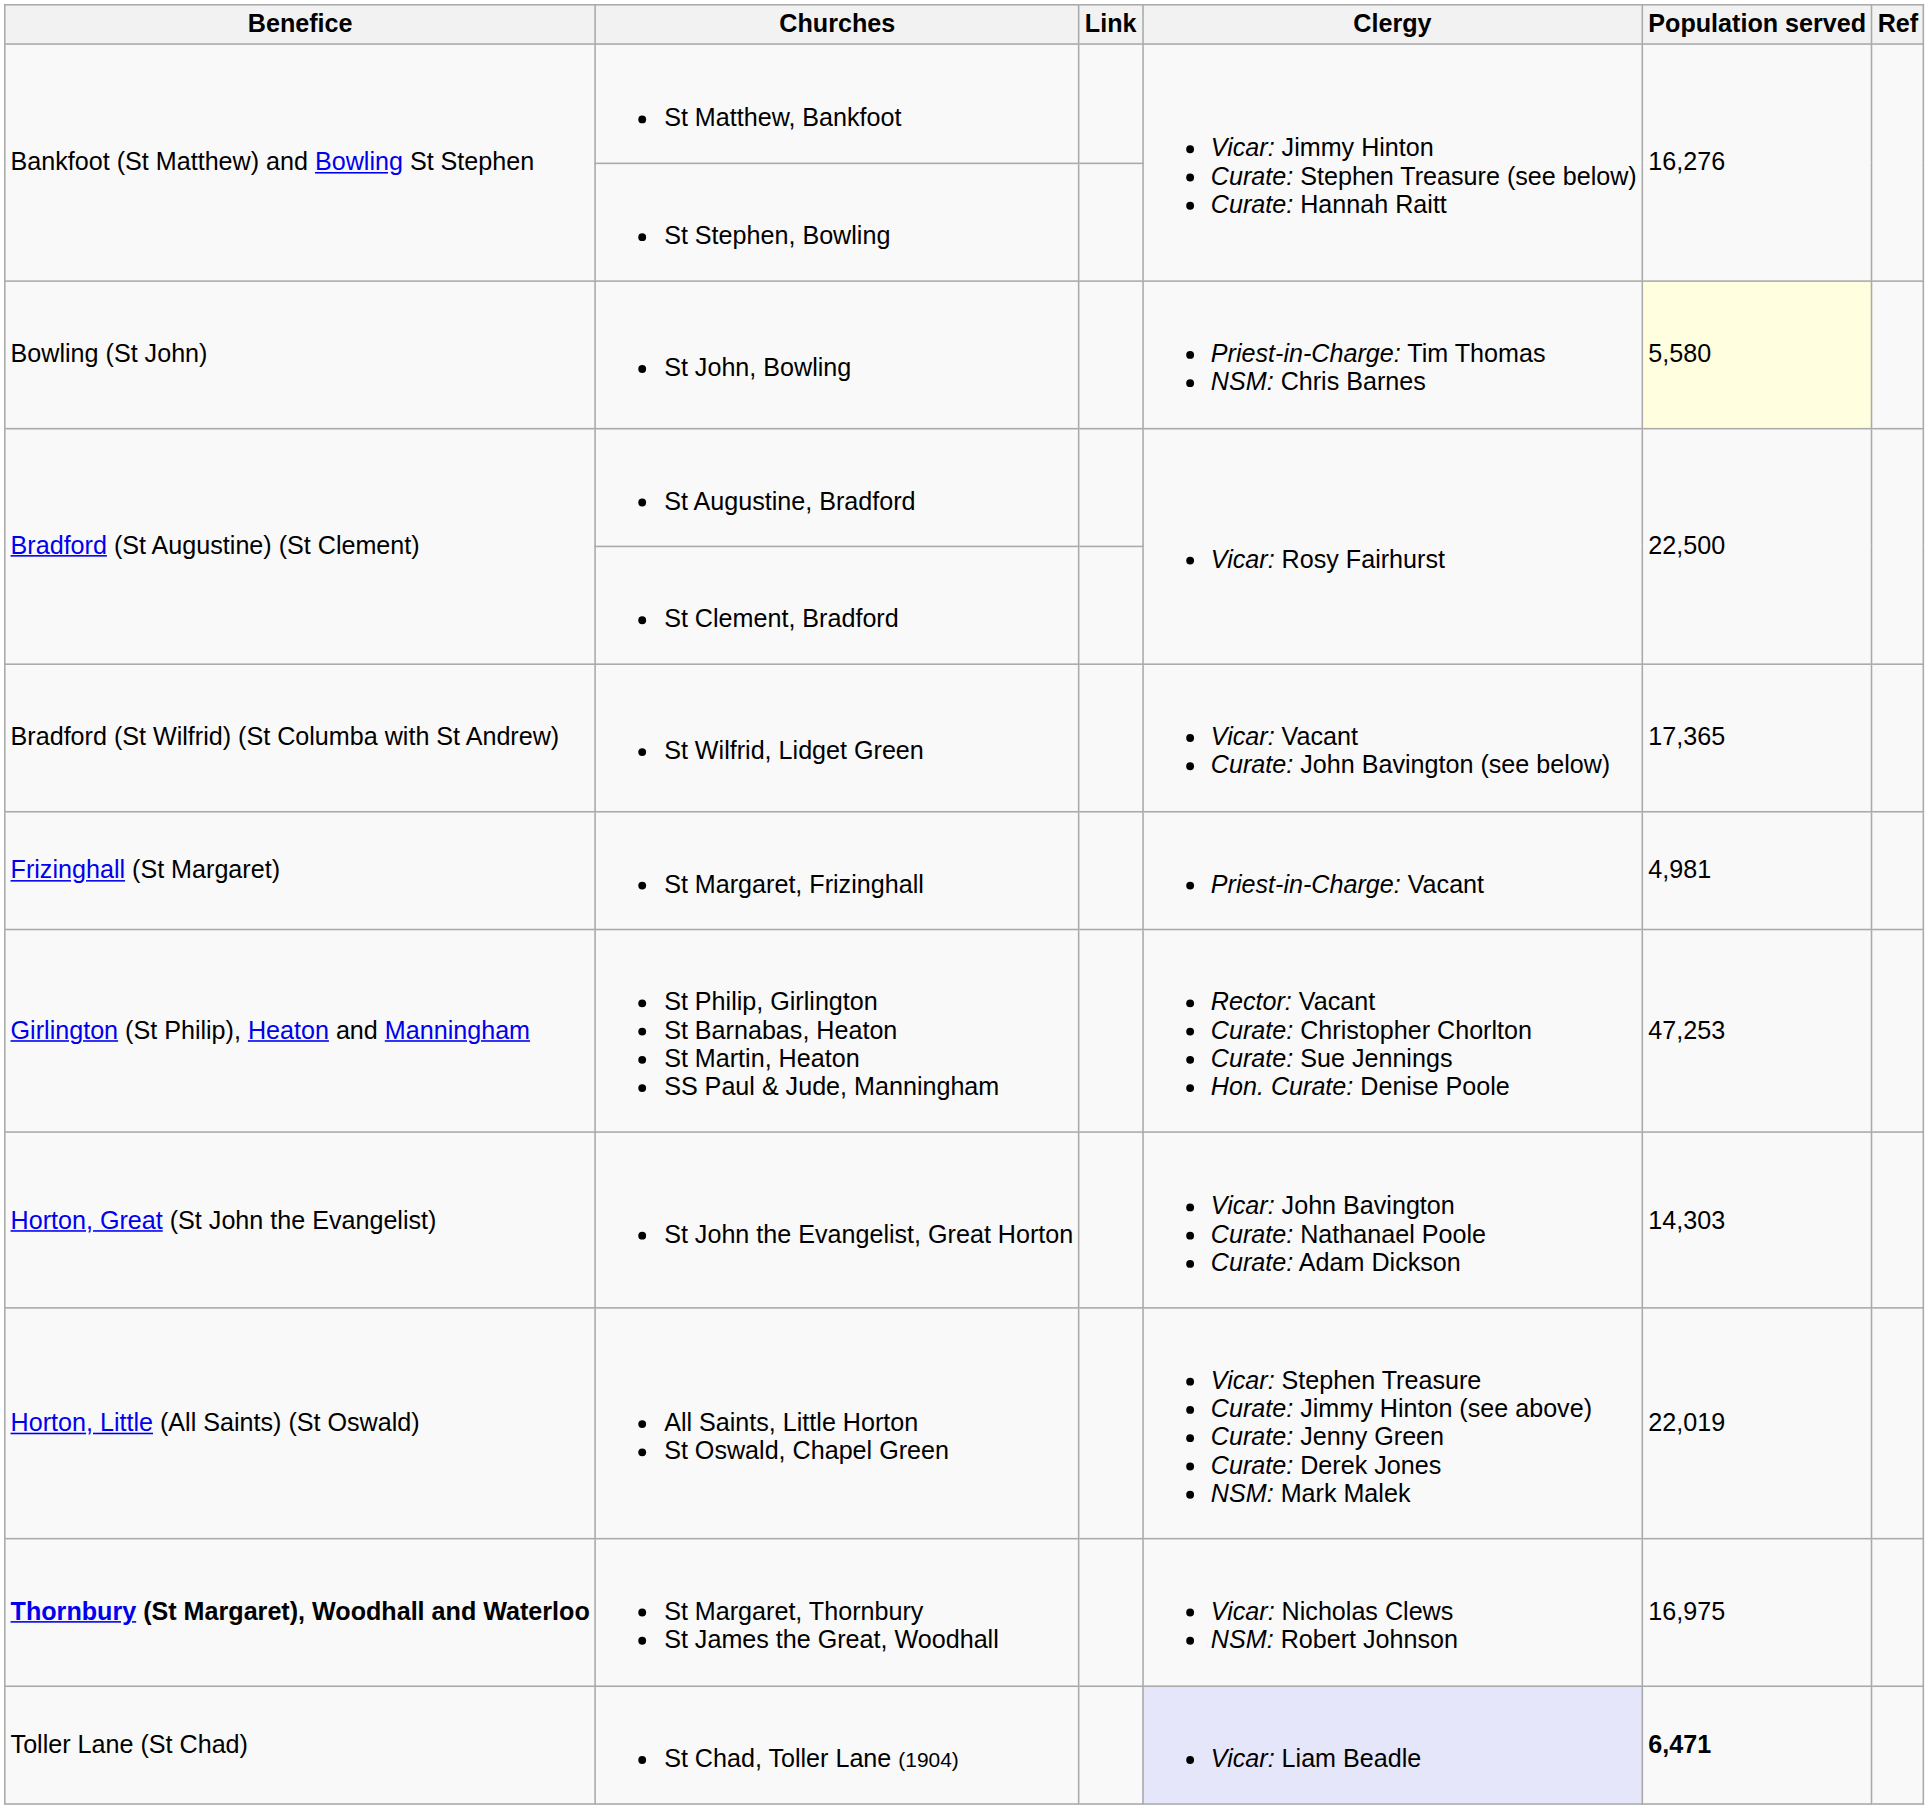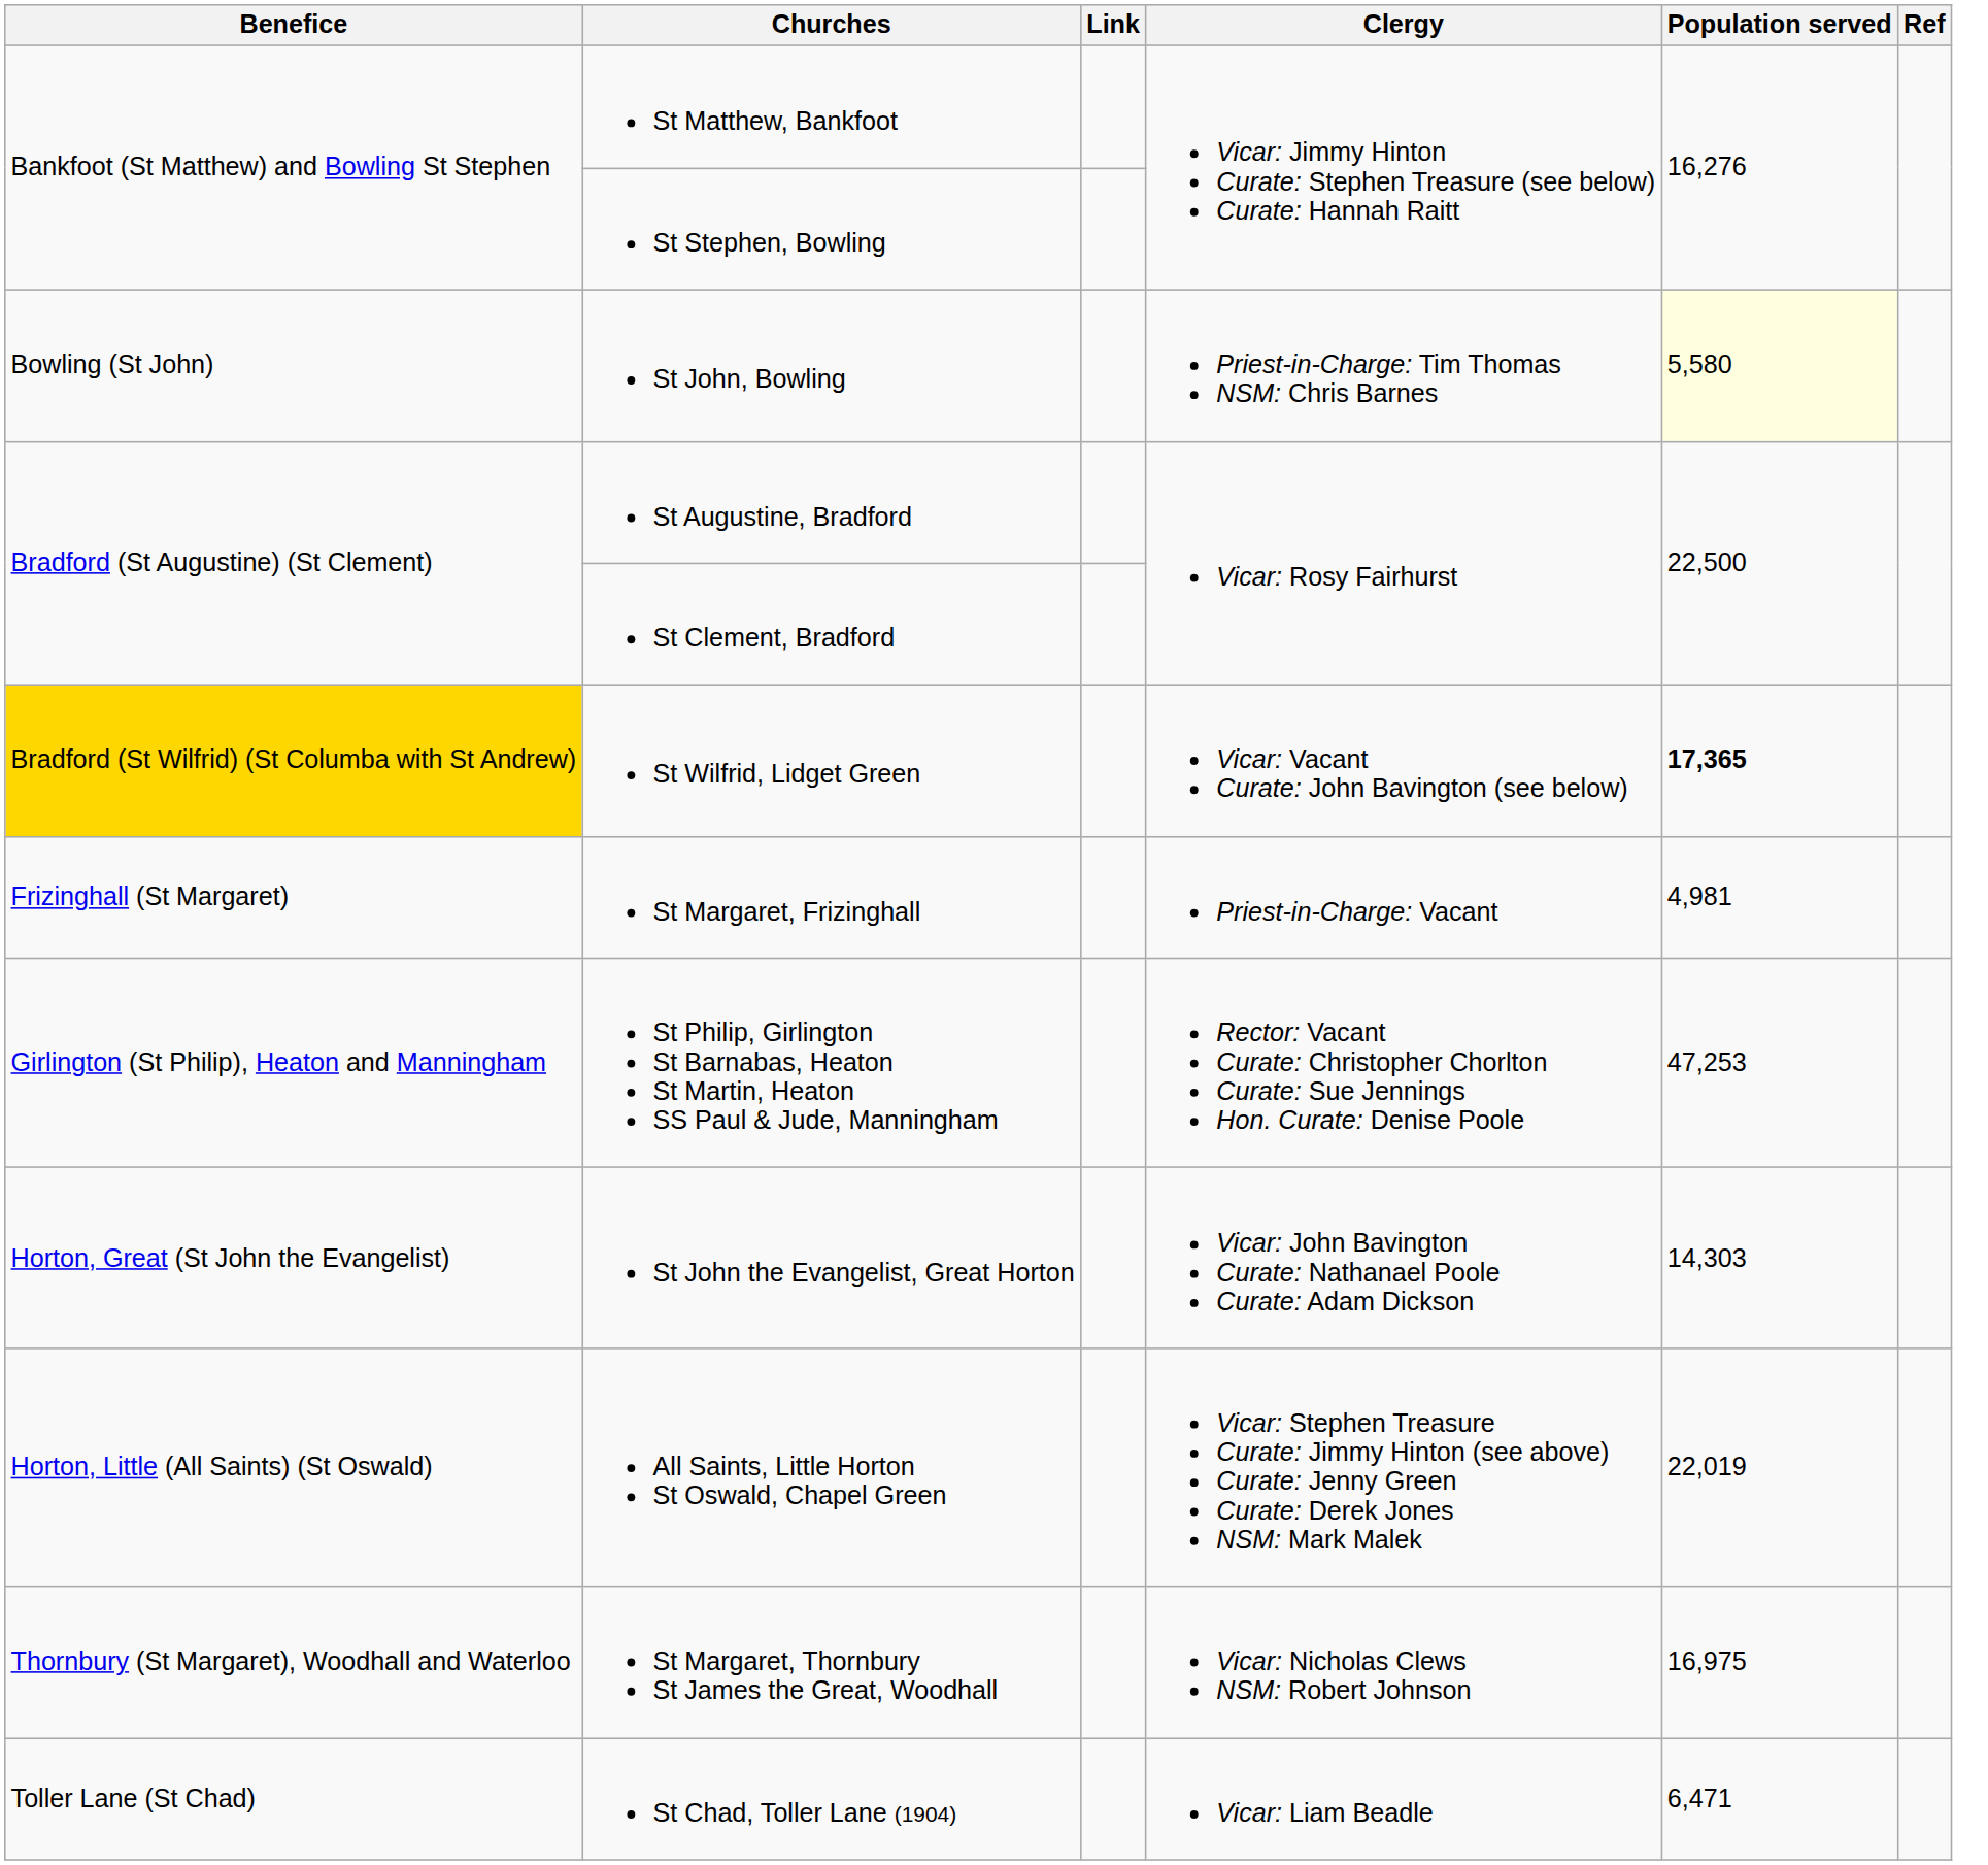 <table class="wikitable">
 <tr>
 <th>Benefice</th>
 <th>Churches</th>
 <th>Link</th>
 <th>Clergy</th>
 <th>Population served</th>
 <th>Ref</th>
 </tr>
 <tr>
 <td rowspan="2">Bankfoot (St Matthew) and <a href='#'>Bowling</a> St Stephen</td>
 <td><br><ul><li>St Matthew, Bankfoot</li></ul></td>
 <td></td>
 <td rowspan="2"><br><ul><li><em>Vicar:</em> Jimmy Hinton</li><li><em>Curate:</em> Stephen Treasure (see below)</li><li><em>Curate:</em> Hannah Raitt</li></ul></td>
 <td rowspan="2">16,276</td>
 <td rowspan="2"></td>
 </tr>
 <tr>
 <td><br><ul><li>St Stephen, Bowling</li></ul></td>
 <td></td>
 </tr>
 <tr>
 <td>Bowling (St John)</td>
 <td><br><ul><li>St John, Bowling</li></ul></td>
 <td></td>
 <td><br><ul><li><em>Priest-in-Charge:</em> Tim Thomas</li><li><em>NSM:</em> Chris Barnes</li></ul></td>
 <td style="background: lightyellow;">5,580</td>
 <td></td>
 </tr>
 <tr>
 <td rowspan="2"><a href='#'>Bradford</a> (St Augustine) (St Clement)</td>
 <td><br><ul><li>St Augustine, Bradford</li></ul></td>
 <td></td>
 <td rowspan="2"><br><ul><li><em>Vicar:</em> Rosy Fairhurst</li></ul></td>
 <td rowspan="2">22,500</td>
 <td rowspan="2"></td>
 </tr>
 <tr>
 <td><br><ul><li>St Clement, Bradford</li></ul></td>
 <td></td>
 </tr>
 <tr>
-<td>Bradford (St Wilfrid) (St Columba with St Andrew)</td>
+<td style="background: gold;">Bradford (St Wilfrid) (St Columba with St Andrew)</td>
 <td><br><ul><li>St Wilfrid, Lidget Green</li></ul></td>
 <td></td>
 <td><br><ul><li><em>Vicar:</em> Vacant</li><li><em>Curate:</em> John Bavington (see below)</li></ul></td>
-<td>17,365</td>
+<td><strong>17,365</strong></td>
 <td></td>
 </tr>
 <tr>
 <td><a href='#'>Frizinghall</a> (St Margaret)</td>
 <td><br><ul><li>St Margaret, Frizinghall</li></ul></td>
 <td></td>
 <td><br><ul><li><em>Priest-in-Charge:</em> Vacant</li></ul></td>
 <td>4,981</td>
 <td></td>
 </tr>
 <tr>
 <td><a href='#'>Girlington</a> (St Philip), <a href='#'>Heaton</a> and <a href='#'>Manningham</a></td>
 <td><br><ul><li>St Philip, Girlington</li><li>St Barnabas, Heaton</li><li>St Martin, Heaton</li><li>SS Paul & Jude, Manningham</li></ul></td>
 <td></td>
 <td><br><ul><li><em>Rector:</em> Vacant</li><li><em>Curate:</em> Christopher Chorlton</li><li><em>Curate:</em> Sue Jennings</li><li><em>Hon. Curate:</em> Denise Poole</li></ul></td>
 <td>47,253</td>
 <td></td>
 </tr>
 <tr>
 <td><a href='#'>Horton, Great</a> (St John the Evangelist)</td>
 <td><br><ul><li>St John the Evangelist, Great Horton</li></ul></td>
 <td></td>
 <td><br><ul><li><em>Vicar:</em> John Bavington</li><li><em>Curate:</em> Nathanael Poole</li><li><em>Curate:</em> Adam Dickson</li></ul></td>
 <td>14,303</td>
 <td></td>
 </tr>
 <tr>
 <td><a href='#'>Horton, Little</a> (All Saints) (St Oswald)</td>
 <td><br><ul><li>All Saints, Little Horton</li><li>St Oswald, Chapel Green</li></ul></td>
 <td></td>
 <td><br><ul><li><em>Vicar:</em> Stephen Treasure</li><li><em>Curate:</em> Jimmy Hinton (see above)</li><li><em>Curate:</em> Jenny Green</li><li><em>Curate:</em> Derek Jones</li><li><em>NSM:</em> Mark Malek</li></ul></td>
 <td>22,019</td>
 <td></td>
 </tr>
 <tr>
-<td><strong><a href='#'>Thornbury</a> (St Margaret), Woodhall and Waterloo</strong></td>
+<td><a href='#'>Thornbury</a> (St Margaret), Woodhall and Waterloo</td>
 <td><br><ul><li>St Margaret, Thornbury</li><li>St James the Great, Woodhall</li></ul></td>
 <td></td>
 <td><br><ul><li><em>Vicar:</em> Nicholas Clews</li><li><em>NSM:</em> Robert Johnson</li></ul></td>
 <td>16,975</td>
 <td></td>
 </tr>
 <tr>
 <td>Toller Lane (St Chad)</td>
 <td><br><ul><li>St Chad, Toller Lane <small>(1904)</small></li></ul></td>
 <td></td>
-<td style="background: lavender;"><br><ul><li><em>Vicar:</em> Liam Beadle</li></ul></td>
-<td><strong>6,471</strong></td>
+<td><br><ul><li><em>Vicar:</em> Liam Beadle</li></ul></td>
+<td>6,471</td>
 <td></td>
 </tr>
 </table>
